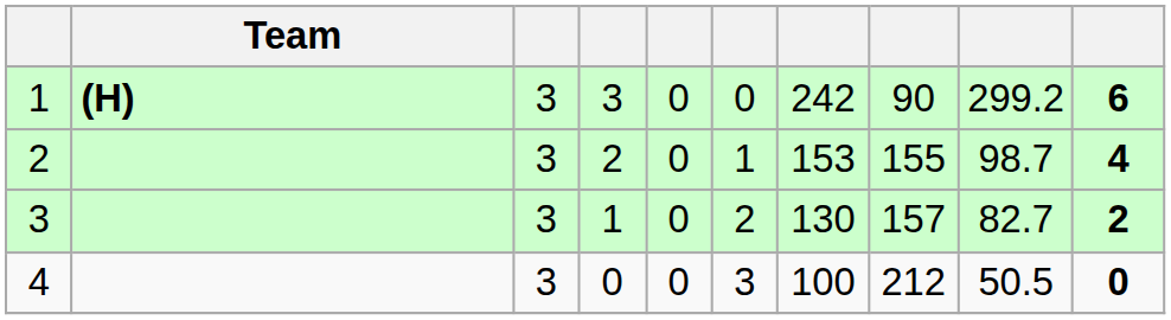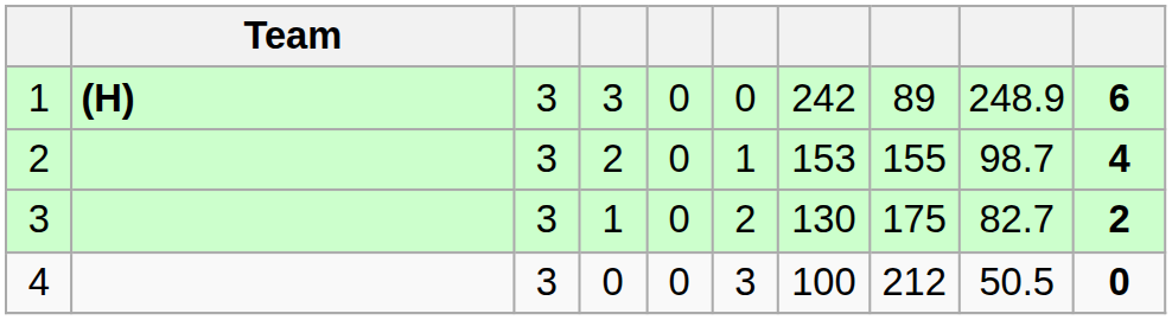 <table class=wikitable style=text-align:center>
 <tr>
 <th width=20 abbr=Position></th>
 <th width=175>Team</th>
 <th width=20 abbr=Played></th>
 <th width=20 abbr=Won></th>
 <th width=20 abbr=Drawn></th>
 <th width=20 abbr=Lost></th>
 <th width=30 abbr=Goal for></th>
 <th width=30 abbr=Goal against></th>
 <th width=30 abbr=Percentage></th>
 <th width=30 abbr=Points></th>
 </tr>
 <tr bgcolor=#CCFFCC>
 <td>1</td>
 <td align=left> <strong>(H)</strong></td>
 <td>3</td>
 <td>3</td>
 <td>0</td>
 <td>0</td>
 <td>242</td>
-<td>90</td>
-<td>299.2</td>
+<td>89</td>
+<td>248.9</td>
 <td><strong>6</strong></td>
 </tr>
 <tr bgcolor=#CCFFCC>
 <td>2</td>
 <td align=left></td>
 <td>3</td>
 <td>2</td>
 <td>0</td>
 <td>1</td>
 <td>153</td>
 <td>155</td>
 <td>98.7</td>
 <td><strong>4</strong></td>
 </tr>
 <tr bgcolor=#CCFFCC>
 <td>3</td>
 <td align=left></td>
 <td>3</td>
 <td>1</td>
 <td>0</td>
 <td>2</td>
 <td>130</td>
-<td>157</td>
+<td>175</td>
 <td>82.7</td>
 <td><strong>2</strong></td>
 </tr>
 <tr>
 <td>4</td>
 <td align=left></td>
 <td>3</td>
 <td>0</td>
 <td>0</td>
 <td>3</td>
 <td>100</td>
 <td>212</td>
 <td>50.5</td>
 <td><strong>0</strong></td>
 </tr>
 <tr>
 </tr>
 </table>
